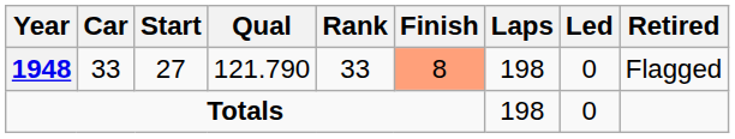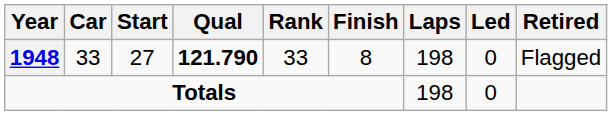 <table class="wikitable" style="text-align:center">
 <tr>
 <th>Year</th>
 <th>Car</th>
 <th>Start</th>
 <th>Qual</th>
 <th>Rank</th>
 <th>Finish</th>
 <th>Laps</th>
 <th>Led</th>
 <th>Retired</th>
 </tr>
 <tr>
 <th><a href='#'>1948</a></th>
 <td>33</td>
 <td>27</td>
-<td>121.790</td>
+<td><strong>121.790</strong></td>
 <td>33</td>
-<td style="background: lightsalmon;">8</td>
+<td>8</td>
 <td>198</td>
 <td>0</td>
 <td>Flagged</td>
 </tr>
 <tr>
 <td colspan=6><strong>Totals</strong></td>
 <td>198</td>
 <td>0</td>
 <td></td>
 </tr>
 </table>
